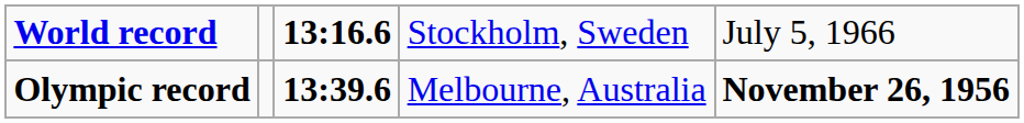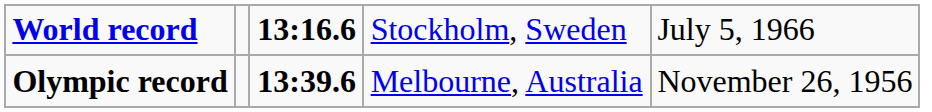 <table class="wikitable">
 <tr>
 <td><strong><a href='#'>World record</a></strong></td>
 <td></td>
 <td><strong>13:16.6</strong></td>
 <td><a href='#'>Stockholm</a>, <a href='#'>Sweden</a></td>
 <td>July 5, 1966</td>
 </tr>
 <tr>
 <td><strong>Olympic record</strong></td>
 <td></td>
 <td><strong>13:39.6</strong></td>
 <td><a href='#'>Melbourne</a>, <a href='#'>Australia</a></td>
-<td><strong>November 26, 1956</strong></td>
+<td>November 26, 1956</td>
 </tr>
 </table>
